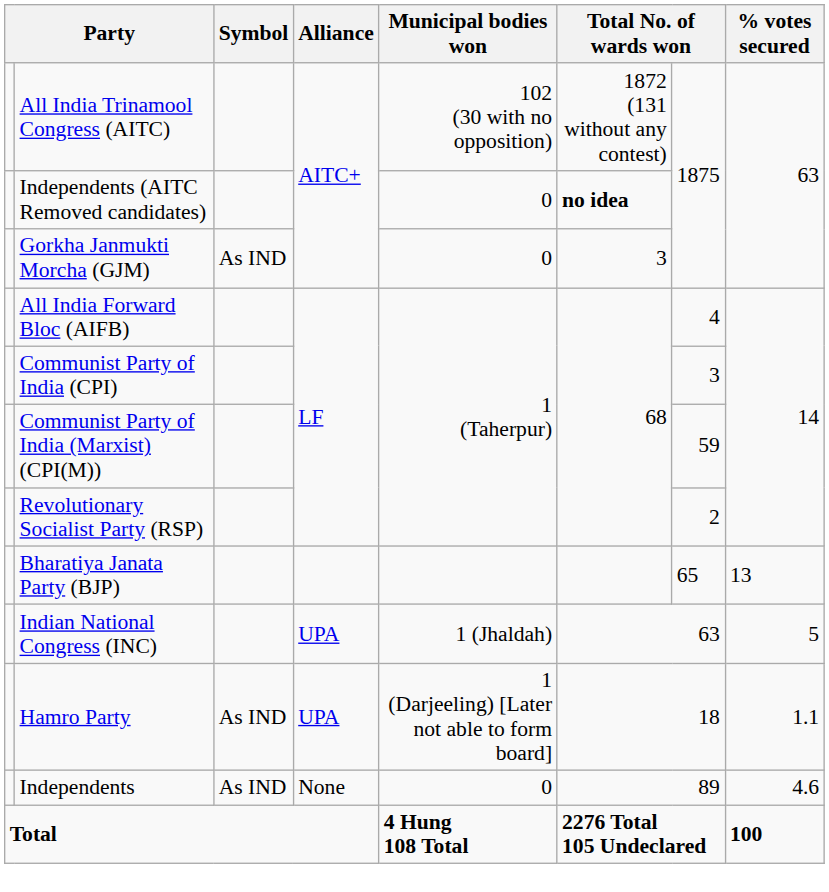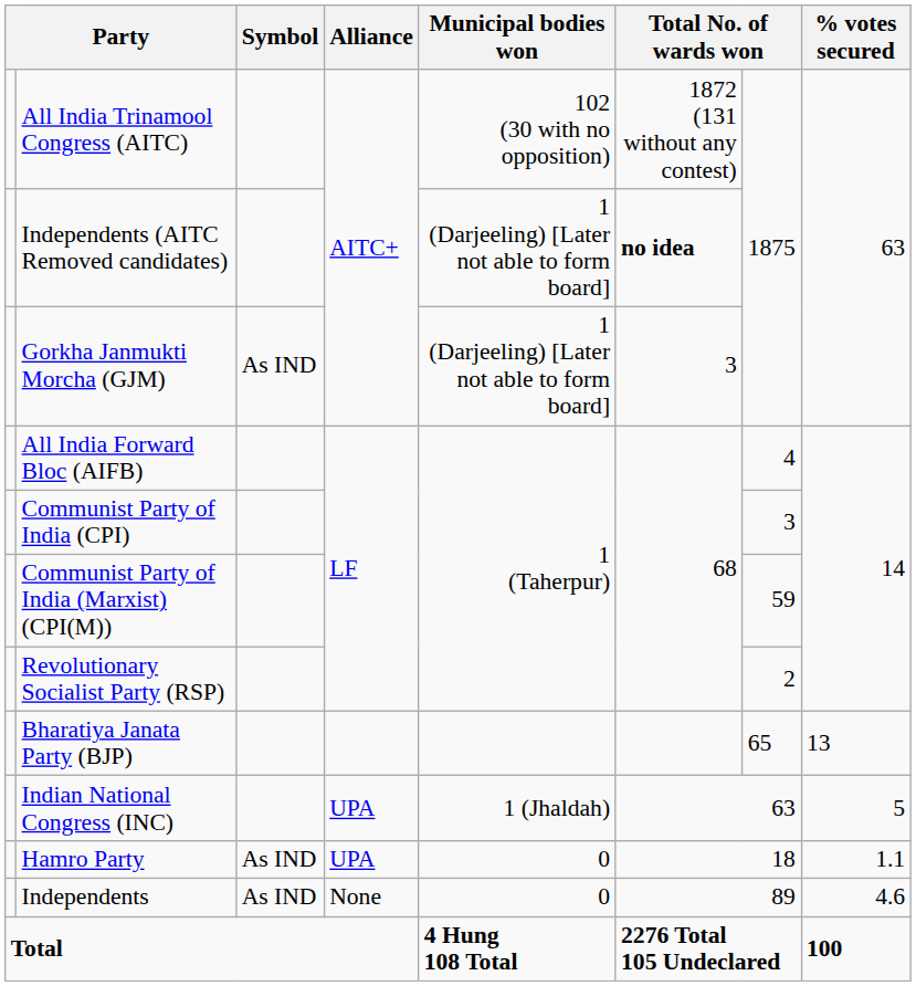 <table class="wikitable">
 <tr>
 <th colspan="2">Party</th>
 <th>Symbol</th>
 <th>Alliance</th>
 <th>Municipal bodies won</th>
 <th colspan="2">Total No. of wards won</th>
 <th>% votes secured</th>
 </tr>
 <tr>
 <td></td>
 <td><a href='#'>All India Trinamool Congress</a> (AITC)</td>
 <td></td>
 <td rowspan="3"><a href='#'>AITC+</a></td>
 <td style="text-align:right">102<br>(30 with no opposition)</td>
 <td style="text-align:right">1872<br>(131 without any contest)</td>
 <td rowspan="3" style="text-align:right">1875</td>
 <td rowspan="3" style="text-align:right">63</td>
 </tr>
 <tr>
 <td></td>
 <td>Independents (AITC Removed candidates)</td>
 <td></td>
-<td style="text-align:right">0</td>
+<td style="text-align:right">1<br>(Darjeeling) [Later not able to form board]</td>
 <td><strong>no idea</strong></td>
 </tr>
 <tr>
 <td></td>
 <td><a href='#'>Gorkha Janmukti Morcha</a> (GJM)</td>
 <td>As IND</td>
-<td style="text-align:right">0</td>
+<td style="text-align:right">1<br>(Darjeeling) [Later not able to form board]</td>
 <td style="text-align:right">3</td>
 </tr>
 <tr>
 <td></td>
 <td><a href='#'>All India Forward Bloc</a> (AIFB)</td>
 <td></td>
 <td rowspan="4"><a href='#'>LF</a></td>
 <td rowspan="4" style="text-align:right">1<br>(Taherpur)</td>
 <td rowspan="4" style="text-align:right">68</td>
 <td style="text-align:right">4</td>
 <td rowspan="4" style="text-align:right">14</td>
 </tr>
 <tr>
 <td></td>
 <td><a href='#'>Communist Party of India</a> (CPI)</td>
 <td></td>
 <td style="text-align:right">3</td>
 </tr>
 <tr>
 <td></td>
 <td><a href='#'>Communist Party of India (Marxist)</a> (CPI(M))</td>
 <td></td>
 <td style="text-align:right">59</td>
 </tr>
 <tr>
 <td></td>
 <td><a href='#'>Revolutionary Socialist Party</a> (RSP)</td>
 <td></td>
 <td style="text-align:right">2</td>
 </tr>
 <tr>
 <td></td>
 <td><a href='#'>Bharatiya Janata Party</a> (BJP)</td>
 <td></td>
 <td></td>
 <td></td>
 <td></td>
 <td>65</td>
 <td>13</td>
 </tr>
 <tr>
 <td></td>
 <td><a href='#'>Indian National Congress</a> (INC)</td>
 <td></td>
 <td><a href='#'>UPA</a></td>
 <td style="text-align:right">1 (Jhaldah)</td>
 <td colspan="2" style="text-align:right">63</td>
 <td style="text-align:right">5</td>
 </tr>
 <tr>
 <td></td>
 <td><a href='#'>Hamro Party</a></td>
 <td>As IND</td>
 <td><a href='#'>UPA</a></td>
-<td style="text-align:right">1<br>(Darjeeling) [Later not able to form board]</td>
+<td style="text-align:right">0</td>
 <td colspan="2" style="text-align:right">18</td>
 <td style="text-align:right">1.1</td>
 </tr>
 <tr>
 <td></td>
 <td>Independents</td>
 <td>As IND</td>
 <td>None</td>
 <td style="text-align:right">0</td>
 <td colspan="2" style="text-align:right">89</td>
 <td style="text-align:right">4.6</td>
 </tr>
 <tr>
 <td colspan="4"><strong>Total</strong></td>
 <td><strong>4 Hung</strong><br><strong>108 Total</strong></td>
 <td colspan="2"><strong>2276 Total</strong><br><strong>105 Undeclared</strong></td>
 <td><strong>100</strong></td>
 </tr>
 </table>
